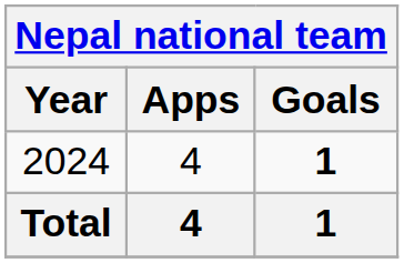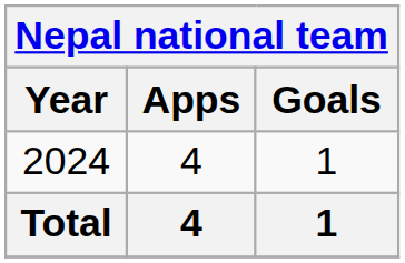 <table class=wikitable style=text-align:center>
 <tr>
 <th colspan=3><a href='#'>Nepal national team</a></th>
 </tr>
 <tr>
 <th>Year</th>
 <th>Apps</th>
 <th>Goals</th>
 </tr>
 <tr>
 <td>2024</td>
 <td>4</td>
-<td><strong>1</strong></td>
+<td>1</td>
 </tr>
 <tr>
 <th colspan=1>Total</th>
 <th>4</th>
 <th>1</th>
 </tr>
 <tr>
 </tr>
 </table>
